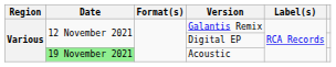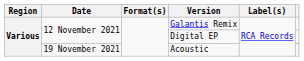 <table class="wikitable plainrowheaders">
 <tr>
 <th scope="col">Region</th>
 <th scope="col">Date</th>
 <th scope="col">Format(s)</th>
 <th scope="col">Version</th>
 <th scope="col">Label(s)</th>
 <th scope="col"></th>
 </tr>
 <tr>
 <th rowspan="3" scope="row">Various</th>
 <td rowspan="2">12 November 2021</td>
 <td rowspan="3"></td>
 <td><a href='#'>Galantis</a> Remix</td>
 <td rowspan="3"><a href='#'>RCA Records</a></td>
 <td align="center"></td>
 </tr>
 <tr>
 <td>Digital EP</td>
 <td align="center"></td>
 </tr>
 <tr>
-<td style="background: lightgreen;">19 November 2021</td>
+<td>19 November 2021</td>
 <td>Acoustic</td>
 <td align="center"></td>
 </tr>
 </table>
